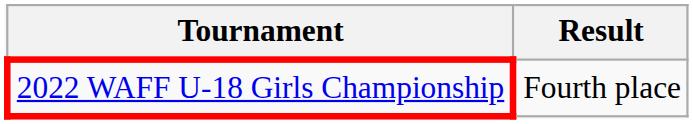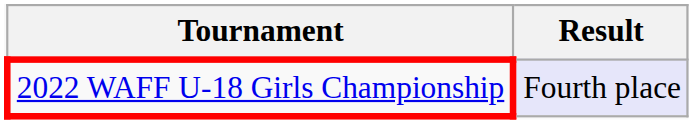 <table class="wikitable" style="font-size:90%;">
 <tr>
 <th>Tournament</th>
 <th>Result</th>
 </tr>
 <tr>
 <td style="border: 3px solid red" scope="row"> <a href='#'>2022 WAFF U-18 Girls Championship</a></td>
-<td>Fourth place</td>
+<td style="background: lavender;">Fourth place</td>
 </tr>
 </table>
